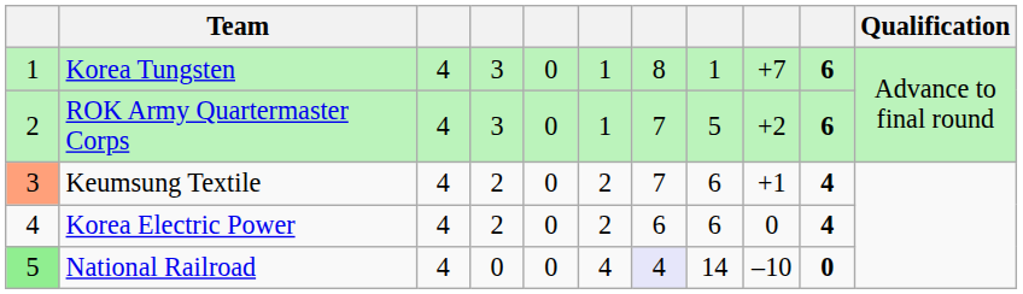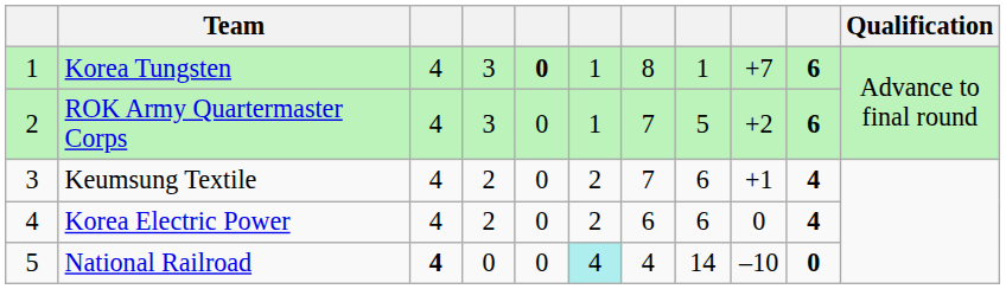 <table class="wikitable" style="text-align:center;">
 <tr>
 <th width=30></th>
 <th width=240>Team</th>
 <th width=30></th>
 <th width=30></th>
 <th width=30></th>
 <th width=30></th>
 <th width=30></th>
 <th width=30></th>
 <th width=30></th>
 <th width=30></th>
 <th>Qualification</th>
 </tr>
 <tr bgcolor=#BBF3BB>
 <td>1</td>
 <td align=left><a href='#'>Korea Tungsten</a></td>
 <td>4</td>
 <td>3</td>
-<td>0</td>
+<td><strong>0</strong></td>
 <td>1</td>
 <td>8</td>
 <td>1</td>
 <td>+7</td>
 <td><strong>6</strong></td>
 <td rowspan=2>Advance to final round</td>
 </tr>
 <tr bgcolor=#BBF3BB>
 <td>2</td>
 <td align=left><a href='#'>ROK Army Quartermaster Corps</a></td>
 <td>4</td>
 <td>3</td>
 <td>0</td>
 <td>1</td>
 <td>7</td>
 <td>5</td>
 <td>+2</td>
 <td><strong>6</strong></td>
 </tr>
 <tr>
-<td style="background: lightsalmon;">3</td>
+<td>3</td>
 <td align=left>Keumsung Textile</td>
 <td>4</td>
 <td>2</td>
 <td>0</td>
 <td>2</td>
 <td>7</td>
 <td>6</td>
 <td>+1</td>
 <td><strong>4</strong></td>
 </tr>
 <tr>
 <td>4</td>
 <td align=left><a href='#'>Korea Electric Power</a></td>
 <td>4</td>
 <td>2</td>
 <td>0</td>
 <td>2</td>
 <td>6</td>
 <td>6</td>
 <td>0</td>
 <td><strong>4</strong></td>
 </tr>
 <tr>
-<td style="background: lightgreen;">5</td>
+<td>5</td>
 <td align=left><a href='#'>National Railroad</a></td>
-<td>4</td>
+<td><strong>4</strong></td>
 <td>0</td>
 <td>0</td>
+<td style="background: paleturquoise;">4</td>
 <td>4</td>
-<td style="background: lavender;">4</td>
 <td>14</td>
 <td>–10</td>
 <td><strong>0</strong></td>
 </tr>
 </table>
